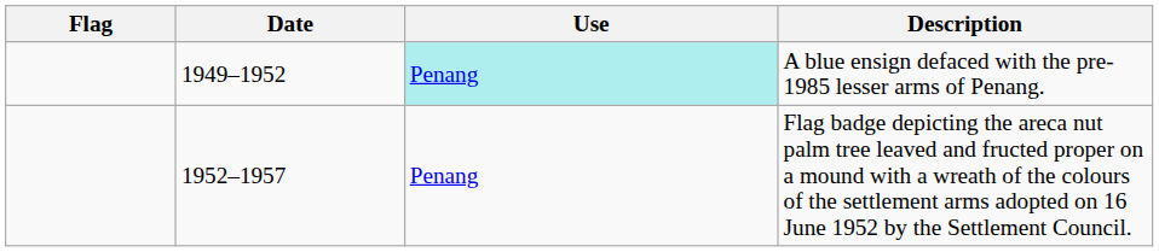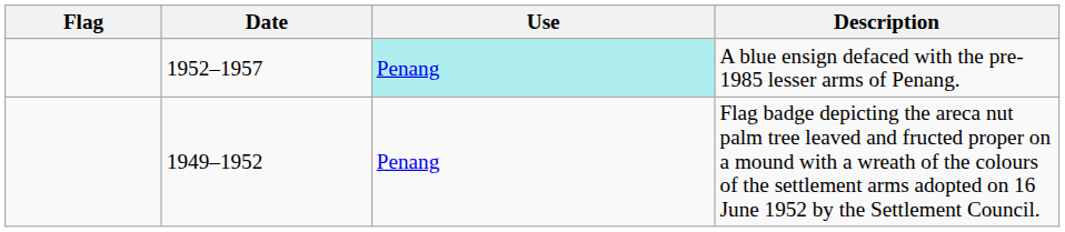 <table class="wikitable">
 <tr style="background:#efefef;">
 <th style="width:110px;">Flag</th>
 <th style="width:150px;">Date</th>
 <th style="width:250px;">Use</th>
 <th style="width:250px;">Description</th>
 </tr>
 <tr>
 <td></td>
-<td>1949–1952</td>
+<td>1952–1957</td>
 <td style="background: paleturquoise;"><a href='#'>Penang</a></td>
 <td>A blue ensign defaced with the pre-1985 lesser arms of Penang.</td>
 </tr>
 <tr>
 <td></td>
-<td>1952–1957</td>
+<td>1949–1952</td>
 <td><a href='#'>Penang</a></td>
 <td>Flag badge depicting the areca nut palm tree leaved and fructed proper on a mound with a wreath of the colours of the settlement arms adopted on 16 June 1952 by the Settlement Council.</td>
 </tr>
 </table>
